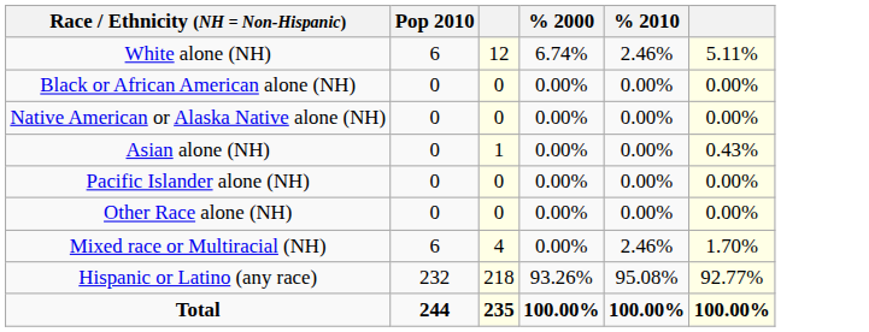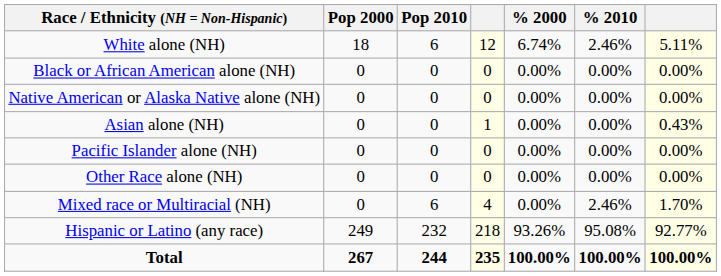 <table class="wikitable" style="text-align:center;">
 <tr>
 <th>Race / Ethnicity <small>(<em>NH = Non-Hispanic</em>)</small></th>
+<th>Pop 2000</th>
 <th>Pop 2010</th>
 <th></th>
 <th>% 2000</th>
 <th>% 2010</th>
 <th></th>
 </tr>
 <tr>
 <td><a href='#'>White</a> alone (NH)</td>
+<td>18</td>
 <td>6</td>
 <td style='background: #ffffe6;'>12</td>
 <td>6.74%</td>
 <td>2.46%</td>
 <td style='background: #ffffe6;'>5.11%</td>
 </tr>
 <tr>
 <td><a href='#'>Black or African American</a> alone (NH)</td>
 <td>0</td>
+<td>0</td>
 <td style='background: #ffffe6;'>0</td>
 <td>0.00%</td>
 <td>0.00%</td>
 <td style='background: #ffffe6;'>0.00%</td>
 </tr>
 <tr>
 <td><a href='#'>Native American</a> or <a href='#'>Alaska Native</a> alone (NH)</td>
+<td>0</td>
 <td>0</td>
 <td style='background: #ffffe6;'>0</td>
 <td>0.00%</td>
 <td>0.00%</td>
 <td style='background: #ffffe6;'>0.00%</td>
 </tr>
 <tr>
 <td><a href='#'>Asian</a> alone (NH)</td>
 <td>0</td>
+<td>0</td>
 <td style='background: #ffffe6;'>1</td>
 <td>0.00%</td>
 <td>0.00%</td>
 <td style='background: #ffffe6;'>0.43%</td>
 </tr>
 <tr>
 <td><a href='#'>Pacific Islander</a> alone (NH)</td>
+<td>0</td>
 <td>0</td>
 <td style='background: #ffffe6;'>0</td>
 <td>0.00%</td>
 <td>0.00%</td>
 <td style='background: #ffffe6;'>0.00%</td>
 </tr>
 <tr>
 <td><a href='#'>Other Race</a> alone (NH)</td>
 <td>0</td>
+<td>0</td>
 <td style='background: #ffffe6;'>0</td>
 <td>0.00%</td>
 <td>0.00%</td>
 <td style='background: #ffffe6;'>0.00%</td>
 </tr>
 <tr>
 <td><a href='#'>Mixed race or Multiracial</a> (NH)</td>
+<td>0</td>
 <td>6</td>
 <td style='background: #ffffe6;'>4</td>
 <td>0.00%</td>
 <td>2.46%</td>
 <td style='background: #ffffe6;'>1.70%</td>
 </tr>
 <tr>
 <td><a href='#'>Hispanic or Latino</a> (any race)</td>
+<td>249</td>
 <td>232</td>
 <td style='background: #ffffe6;'>218</td>
 <td>93.26%</td>
 <td>95.08%</td>
 <td style='background: #ffffe6;'>92.77%</td>
 </tr>
 <tr>
 <td><strong>Total</strong></td>
+<td><strong>267</strong></td>
 <td><strong>244</strong></td>
 <td style='background: #ffffe6;'><strong>235</strong></td>
 <td><strong>100.00%</strong></td>
 <td><strong>100.00%</strong></td>
 <td style='background: #ffffe6;'><strong>100.00%</strong></td>
 </tr>
 </table>
